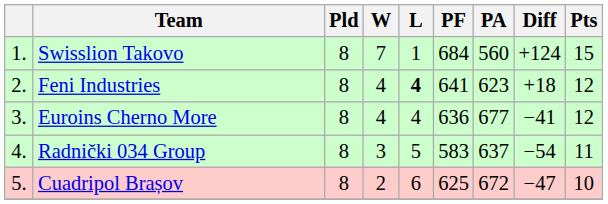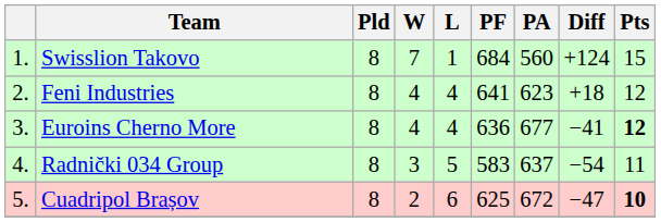 <table class="wikitable" style="text-align:center">
 <tr>
 <th width=15></th>
 <th width=220>Team</th>
 <th width=20>Pld</th>
 <th width=20>W</th>
 <th width=20>L</th>
 <th width=20>PF</th>
 <th width=20>PA</th>
 <th width=30>Diff</th>
 <th width=20>Pts</th>
 </tr>
 <tr bgcolor=#ccffcc>
 <td>1.</td>
 <td align=left> <a href='#'>Swisslion Takovo</a></td>
 <td>8</td>
 <td>7</td>
 <td>1</td>
 <td>684</td>
 <td>560</td>
 <td>+124</td>
 <td>15</td>
 </tr>
 <tr bgcolor=#ccffcc>
 <td>2.</td>
 <td align=left> <a href='#'>Feni Industries</a></td>
 <td>8</td>
 <td>4</td>
-<td><strong>4</strong></td>
+<td>4</td>
 <td>641</td>
 <td>623</td>
 <td>+18</td>
 <td>12</td>
 </tr>
 <tr bgcolor=#ccffcc>
 <td>3.</td>
 <td align=left> <a href='#'>Euroins Cherno More</a></td>
 <td>8</td>
 <td>4</td>
 <td>4</td>
 <td>636</td>
 <td>677</td>
 <td>−41</td>
-<td>12</td>
+<td><strong>12</strong></td>
 </tr>
 <tr bgcolor=#ccffcc>
 <td>4.</td>
 <td align=left> <a href='#'>Radnički 034 Group</a></td>
 <td>8</td>
 <td>3</td>
 <td>5</td>
 <td>583</td>
 <td>637</td>
 <td>−54</td>
 <td>11</td>
 </tr>
 <tr bgcolor=#ffcccc>
 <td>5.</td>
 <td align=left> <a href='#'>Cuadripol Brașov</a></td>
 <td>8</td>
 <td>2</td>
 <td>6</td>
 <td>625</td>
 <td>672</td>
 <td>−47</td>
-<td>10</td>
+<td><strong>10</strong></td>
 </tr>
 <tr>
 </tr>
 </table>
